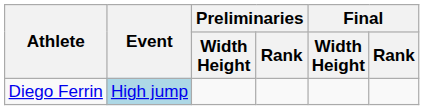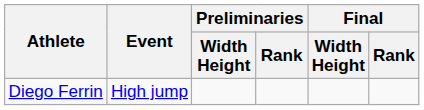 <table class=wikitable style="font-size:90%;">
 <tr>
 <th rowspan="2">Athlete</th>
 <th rowspan="2">Event</th>
 <th colspan="2">Preliminaries</th>
 <th colspan="2">Final</th>
 </tr>
 <tr>
 <th>Width<br>Height</th>
 <th>Rank</th>
 <th>Width<br>Height</th>
 <th>Rank</th>
 </tr>
 <tr style="border-top: single;">
 <td><a href='#'>Diego Ferrin</a></td>
-<td style="background: lightblue;"><a href='#'>High jump</a></td>
+<td><a href='#'>High jump</a></td>
 <td align=center></td>
 <td align=center></td>
 <td align=center></td>
 <td align=center></td>
 </tr>
 </table>
